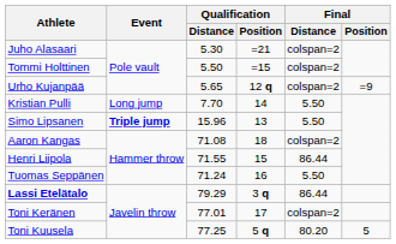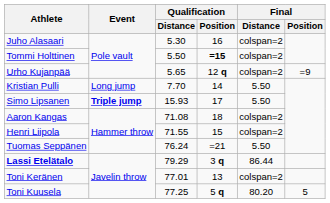 <table class="wikitable" style="font-size:90%">
 <tr>
 <th rowspan="2">Athlete</th>
 <th rowspan="2">Event</th>
 <th colspan="2">Qualification</th>
 <th colspan="2">Final</th>
 </tr>
 <tr style="font-size:95%">
 <th>Distance</th>
 <th>Position</th>
 <th>Distance</th>
 <th>Position</th>
 </tr>
 <tr align="center">
 <td align="left"><a href='#'>Juho Alasaari</a></td>
 <td rowspan="3" align="left"><a href='#'>Pole vault</a></td>
 <td>5.30</td>
-<td>=21</td>
+<td>16</td>
 <td>colspan=2 </td>
 </tr>
 <tr align="center">
 <td align="left"><a href='#'>Tommi Holttinen</a></td>
 <td>5.50 </td>
-<td>=15</td>
+<td><strong>=15</strong></td>
 <td>colspan=2 </td>
 </tr>
 <tr align="center">
 <td align="left"><a href='#'>Urho Kujanpää</a></td>
 <td>5.65 </td>
 <td>12 <strong>q</strong></td>
 <td>colspan=2 </td>
 <td>=9</td>
 </tr>
 <tr align="center">
 <td align="left"><a href='#'>Kristian Pulli</a></td>
 <td align="left"><a href='#'>Long jump</a></td>
 <td>7.70</td>
 <td>14</td>
 <td>5.50</td>
 </tr>
 <tr align="center">
 <td align="left"><a href='#'>Simo Lipsanen</a></td>
 <td align="left"><strong><a href='#'>Triple jump</a></strong></td>
-<td>15.96</td>
-<td>13</td>
+<td>15.93</td>
+<td>17</td>
 <td>5.50</td>
 </tr>
 <tr align="center">
 <td align="left"><a href='#'>Aaron Kangas</a></td>
 <td rowspan="3" align="left"><a href='#'>Hammer throw</a></td>
 <td>71.08</td>
 <td>18</td>
 <td>colspan=2 </td>
 </tr>
 <tr align="center">
 <td align="left"><a href='#'>Henri Liipola</a></td>
 <td>71.55</td>
 <td>15</td>
-<td>86.44 </td>
+<td>colspan=2 </td>
 </tr>
 <tr align="center">
 <td align="left"><a href='#'>Tuomas Seppänen</a></td>
-<td>71.24</td>
-<td>16</td>
+<td>76.24</td>
+<td>=21</td>
 <td>5.50</td>
 </tr>
 <tr align="center">
 <td align="left"><strong><a href='#'>Lassi Etelätalo</a></strong></td>
 <td rowspan="3" align="left"><a href='#'>Javelin throw</a></td>
 <td>79.29</td>
 <td>3 <strong>q</strong></td>
 <td>86.44 </td>
 <td></td>
 </tr>
 <tr align="center">
 <td align="left"><a href='#'>Toni Keränen</a></td>
 <td>77.01</td>
-<td>17</td>
+<td>13</td>
 <td>colspan=2 </td>
 </tr>
 <tr align="center">
 <td align="left"><a href='#'>Toni Kuusela</a></td>
 <td>77.25</td>
 <td>5 <strong>q</strong></td>
 <td>80.20</td>
 <td>5</td>
 </tr>
 </table>
